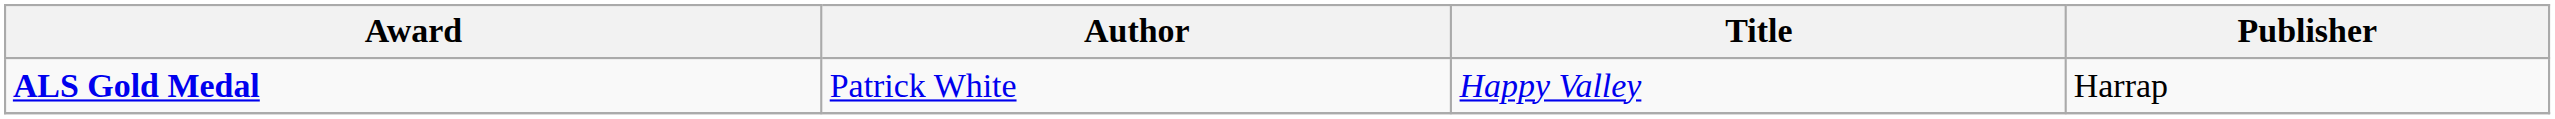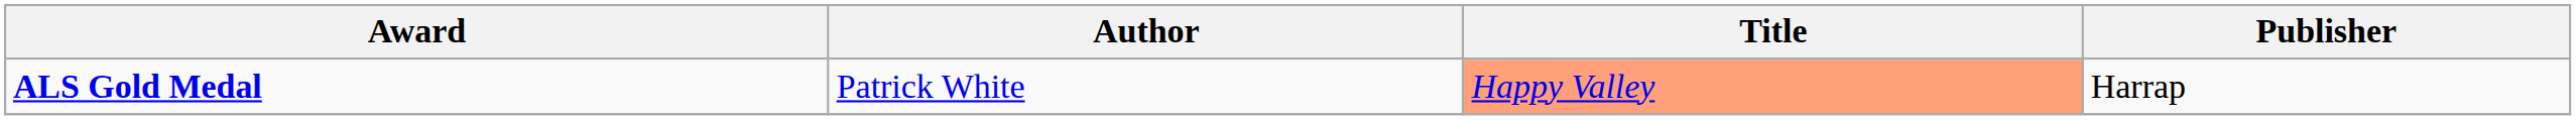 <table class="wikitable" width=95%>
 <tr>
 <th>Award</th>
 <th>Author</th>
 <th>Title</th>
 <th>Publisher</th>
 </tr>
 <tr>
 <td><strong><a href='#'>ALS Gold Medal</a></strong></td>
 <td><a href='#'>Patrick White</a></td>
-<td><em><a href='#'>Happy Valley</a></em></td>
+<td style="background: lightsalmon;"><em><a href='#'>Happy Valley</a></em></td>
 <td>Harrap</td>
 </tr>
 <tr>
 </tr>
 </table>
